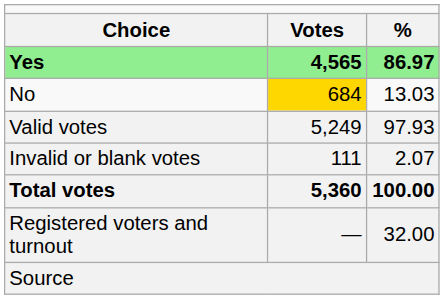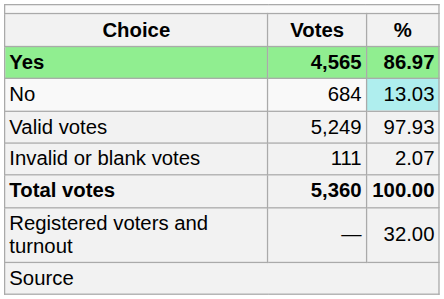 <table class="wikitable" style="text-align:right;">
 <tr>
 <td colspan="6" align="center"></td>
 </tr>
 <tr>
 <th style="width:200px;">Choice</th>
 <th style="width:70px;">Votes</th>
 <th style="width:50px;">%</th>
 </tr>
 <tr style="background:lightgreen;">
 <td align="left"> <strong>Yes</strong></td>
 <td><strong>4,565</strong></td>
 <td><strong>86.97</strong></td>
 </tr>
 <tr>
 <td align="left">No</td>
-<td style="background: gold;">684</td>
-<td>13.03</td>
+<td>684</td>
+<td style="background: paleturquoise;">13.03</td>
 </tr>
 <tr style="background-color:#F2F2F2">
 <td align="left">Valid votes</td>
 <td>5,249</td>
 <td>97.93</td>
 </tr>
 <tr style="background-color:#F2F2F2">
 <td align="left">Invalid or blank votes</td>
 <td>111</td>
 <td>2.07</td>
 </tr>
 <tr style="background-color:#F2F2F2">
 <td align="left"><strong>Total votes</strong></td>
 <td><strong>5,360</strong></td>
 <td><strong>100.00</strong></td>
 </tr>
 <tr style="background-color:#F2F2F2">
 <td align="left">Registered voters and turnout</td>
 <td>—</td>
 <td>32.00</td>
 </tr>
 <tr style="background-color:#F2F2F2">
 <td colspan="3" align="left">Source</td>
 </tr>
 </table>
